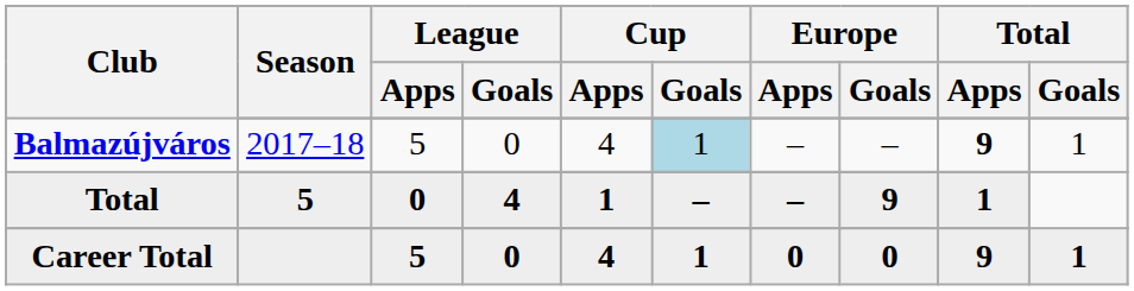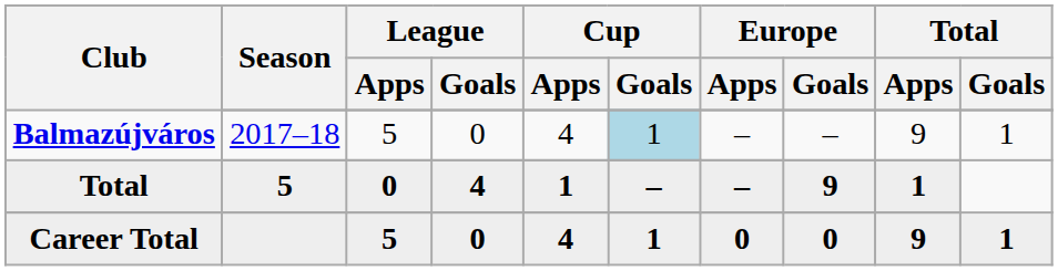 <table class="wikitable" style="font-size:90%; text-align: center;">
 <tr>
 <th rowspan="2">Club</th>
 <th rowspan="2">Season</th>
 <th colspan="2">League</th>
 <th colspan="2">Cup</th>
 <th colspan="2">Europe</th>
 <th colspan="2">Total</th>
 </tr>
 <tr>
 <th>Apps</th>
 <th>Goals</th>
 <th>Apps</th>
 <th>Goals</th>
 <th>Apps</th>
 <th>Goals</th>
 <th>Apps</th>
 <th>Goals</th>
 </tr>
 <tr ||-||-||-|->
 <td rowspan="3" valign="center"><strong><a href='#'>Balmazújváros</a></strong></td>
 </tr>
 <tr>
 <td><a href='#'>2017–18</a></td>
 <td>5</td>
 <td>0</td>
 <td>4</td>
 <td style="background: lightblue;">1</td>
 <td>–</td>
 <td>–</td>
-<td><strong>9</strong></td>
+<td>9</td>
 <td>1</td>
 </tr>
 <tr>
 </tr>
 <tr style="font-weight:bold; background-color:#eeeeee;">
 <td>Total</td>
 <td>5</td>
 <td>0</td>
 <td>4</td>
 <td>1</td>
 <td>–</td>
 <td>–</td>
 <td>9</td>
 <td>1</td>
 </tr>
 <tr>
 </tr>
 <tr style="font-weight:bold; background-color:#eeeeee;">
 <td rowspan="2" valign="top"><strong>Career Total</strong></td>
 <td></td>
 <td><strong>5</strong></td>
 <td><strong>0</strong></td>
 <td><strong>4</strong></td>
 <td><strong>1</strong></td>
 <td><strong>0</strong></td>
 <td><strong>0</strong></td>
 <td><strong>9</strong></td>
 <td><strong>1</strong></td>
 </tr>
 </table>
